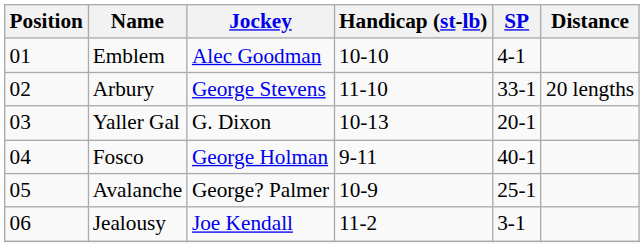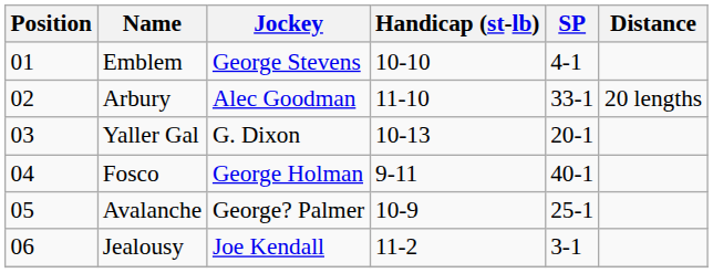 <table class="wikitable sortable">
 <tr>
 <th data-sort-type="number"><strong>Position</strong></th>
 <th>Name</th>
 <th><a href='#'>Jockey</a></th>
 <th>Handicap (<a href='#'>st</a>-<a href='#'>lb</a>)</th>
 <th><a href='#'>SP</a></th>
 <th>Distance</th>
 </tr>
 <tr>
 <td>01</td>
 <td>Emblem</td>
-<td><a href='#'>Alec Goodman</a></td>
+<td><a href='#'>George Stevens</a></td>
 <td>10-10</td>
 <td>4-1</td>
 <td></td>
 </tr>
 <tr>
 <td>02</td>
 <td>Arbury</td>
-<td><a href='#'>George Stevens</a></td>
+<td><a href='#'>Alec Goodman</a></td>
 <td>11-10</td>
 <td>33-1</td>
 <td>20 lengths</td>
 </tr>
 <tr>
 <td>03</td>
 <td>Yaller Gal</td>
 <td>G. Dixon</td>
 <td>10-13</td>
 <td>20-1</td>
 <td></td>
 </tr>
 <tr>
 <td>04</td>
 <td>Fosco</td>
 <td><a href='#'>George Holman</a></td>
 <td>9-11</td>
 <td>40-1</td>
 <td></td>
 </tr>
 <tr>
 <td>05</td>
 <td>Avalanche</td>
 <td>George? Palmer</td>
 <td>10-9</td>
 <td>25-1</td>
 <td></td>
 </tr>
 <tr>
 <td>06</td>
 <td>Jealousy</td>
 <td><a href='#'>Joe Kendall</a></td>
 <td>11-2</td>
 <td>3-1</td>
 <td></td>
 </tr>
 <tr>
 </tr>
 </table>
